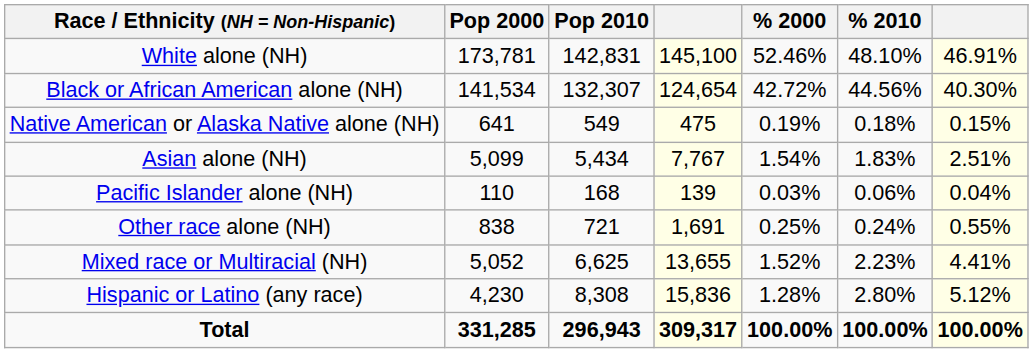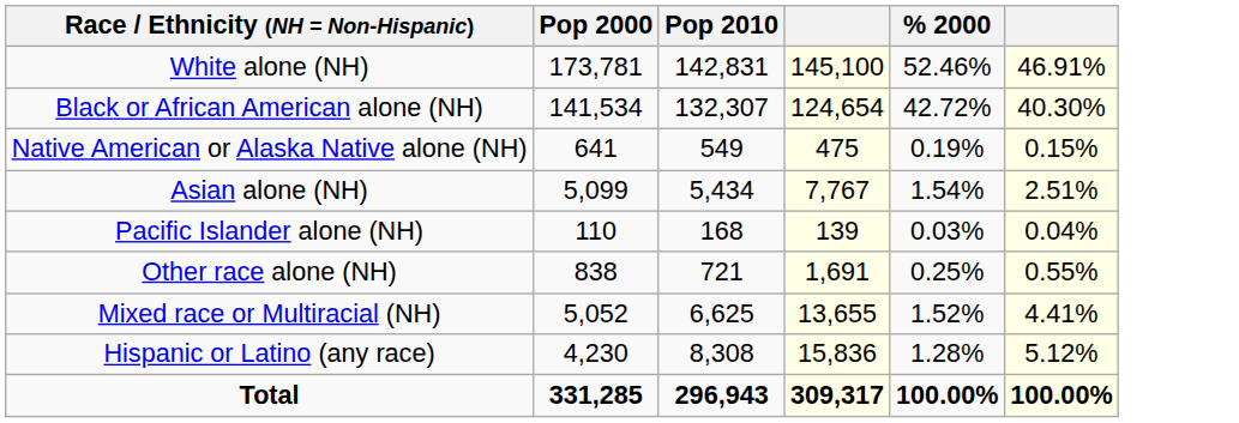 <table class="wikitable" style="text-align:center;">
 <tr>
 <th>Race / Ethnicity <small>(<em>NH = Non-Hispanic</em>)</small></th>
 <th>Pop 2000</th>
 <th>Pop 2010</th>
 <th></th>
 <th>% 2000</th>
-<th>% 2010</th>
 <th></th>
 </tr>
 <tr>
 <td><a href='#'>White</a> alone (NH)</td>
 <td>173,781</td>
 <td>142,831</td>
 <td style='background: #ffffe6;'>145,100</td>
 <td>52.46%</td>
-<td>48.10%</td>
 <td style='background: #ffffe6;'>46.91%</td>
 </tr>
 <tr>
 <td><a href='#'>Black or African American</a> alone (NH)</td>
 <td>141,534</td>
 <td>132,307</td>
 <td style='background: #ffffe6;'>124,654</td>
 <td>42.72%</td>
-<td>44.56%</td>
 <td style='background: #ffffe6;'>40.30%</td>
 </tr>
 <tr>
 <td><a href='#'>Native American</a> or <a href='#'>Alaska Native</a> alone (NH)</td>
 <td>641</td>
 <td>549</td>
 <td style='background: #ffffe6;'>475</td>
 <td>0.19%</td>
-<td>0.18%</td>
 <td style='background: #ffffe6;'>0.15%</td>
 </tr>
 <tr>
 <td><a href='#'>Asian</a> alone (NH)</td>
 <td>5,099</td>
 <td>5,434</td>
 <td style='background: #ffffe6;'>7,767</td>
 <td>1.54%</td>
-<td>1.83%</td>
 <td style='background: #ffffe6;'>2.51%</td>
 </tr>
 <tr>
 <td><a href='#'>Pacific Islander</a> alone (NH)</td>
 <td>110</td>
 <td>168</td>
 <td style='background: #ffffe6;'>139</td>
 <td>0.03%</td>
-<td>0.06%</td>
 <td style='background: #ffffe6;'>0.04%</td>
 </tr>
 <tr>
 <td><a href='#'>Other race</a> alone (NH)</td>
 <td>838</td>
 <td>721</td>
 <td style='background: #ffffe6;'>1,691</td>
 <td>0.25%</td>
-<td>0.24%</td>
 <td style='background: #ffffe6;'>0.55%</td>
 </tr>
 <tr>
 <td><a href='#'>Mixed race or Multiracial</a> (NH)</td>
 <td>5,052</td>
 <td>6,625</td>
 <td style='background: #ffffe6;'>13,655</td>
 <td>1.52%</td>
-<td>2.23%</td>
 <td style='background: #ffffe6;'>4.41%</td>
 </tr>
 <tr>
 <td><a href='#'>Hispanic or Latino</a> (any race)</td>
 <td>4,230</td>
 <td>8,308</td>
 <td style='background: #ffffe6;'>15,836</td>
 <td>1.28%</td>
-<td>2.80%</td>
 <td style='background: #ffffe6;'>5.12%</td>
 </tr>
 <tr>
 <td><strong>Total</strong></td>
 <td><strong>331,285</strong></td>
 <td><strong>296,943</strong></td>
 <td style='background: #ffffe6;'><strong>309,317</strong></td>
 <td><strong>100.00%</strong></td>
-<td><strong>100.00%</strong></td>
 <td style='background: #ffffe6;'><strong>100.00%</strong></td>
 </tr>
 </table>
